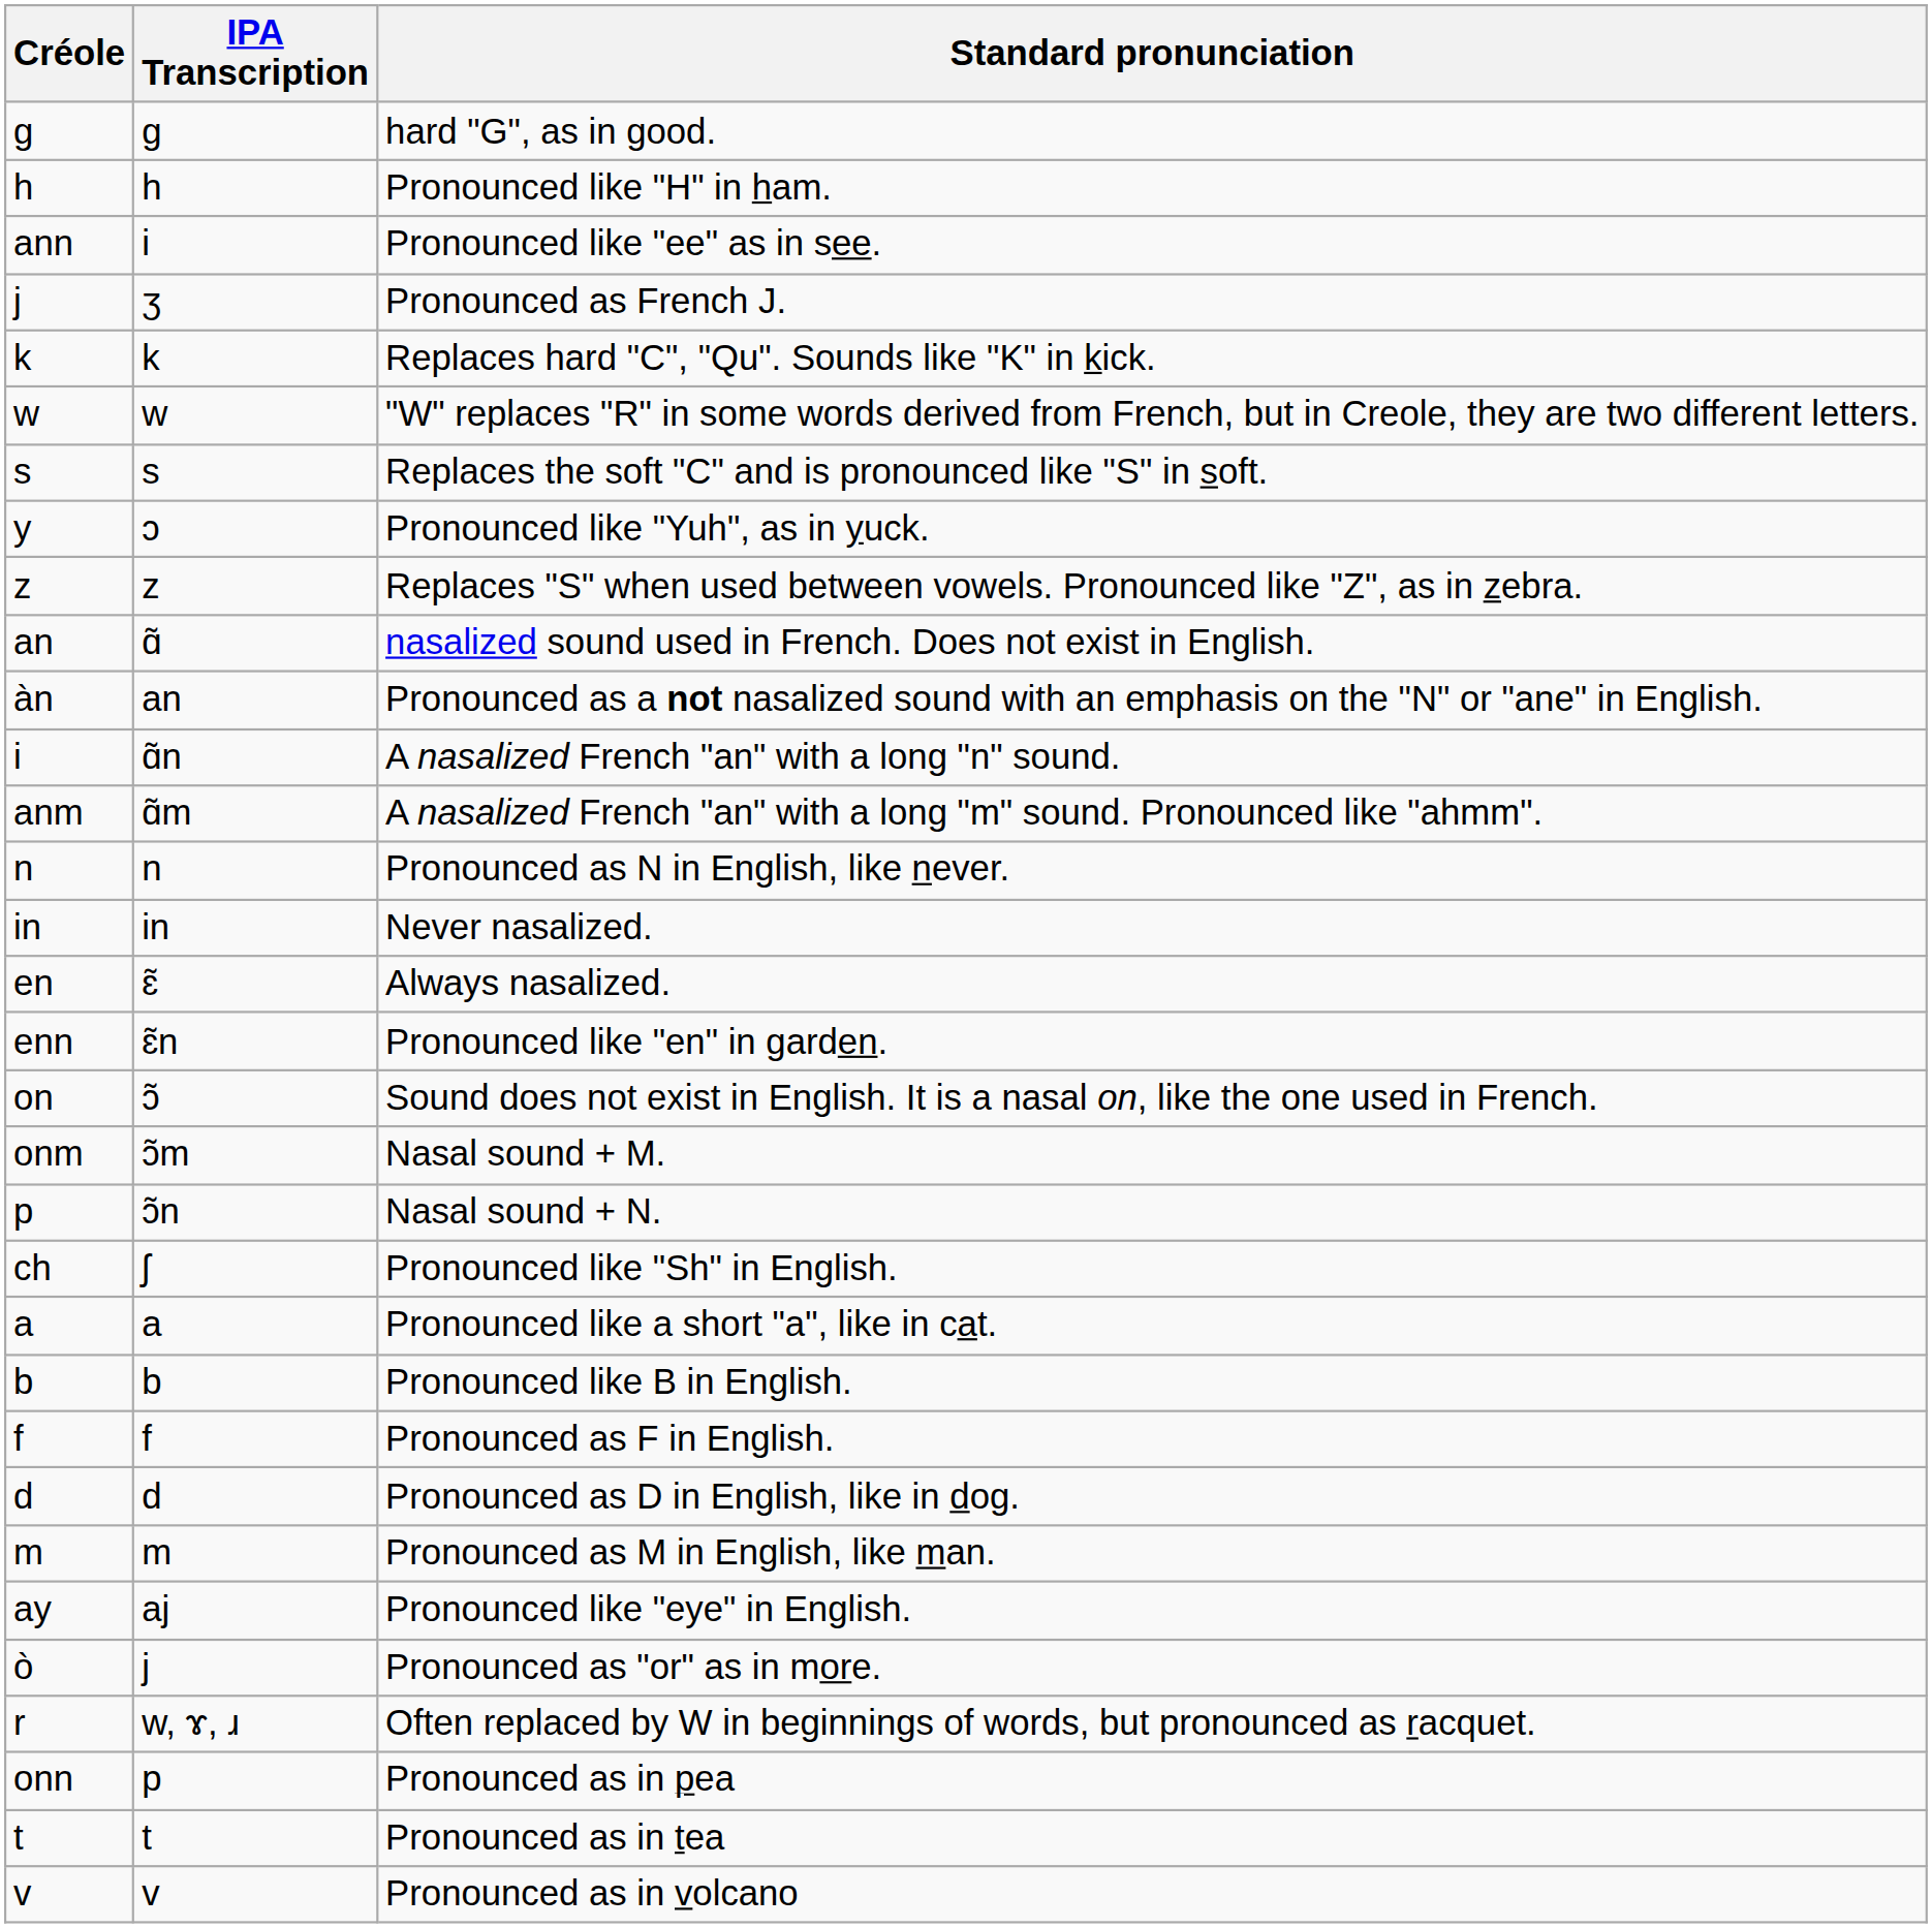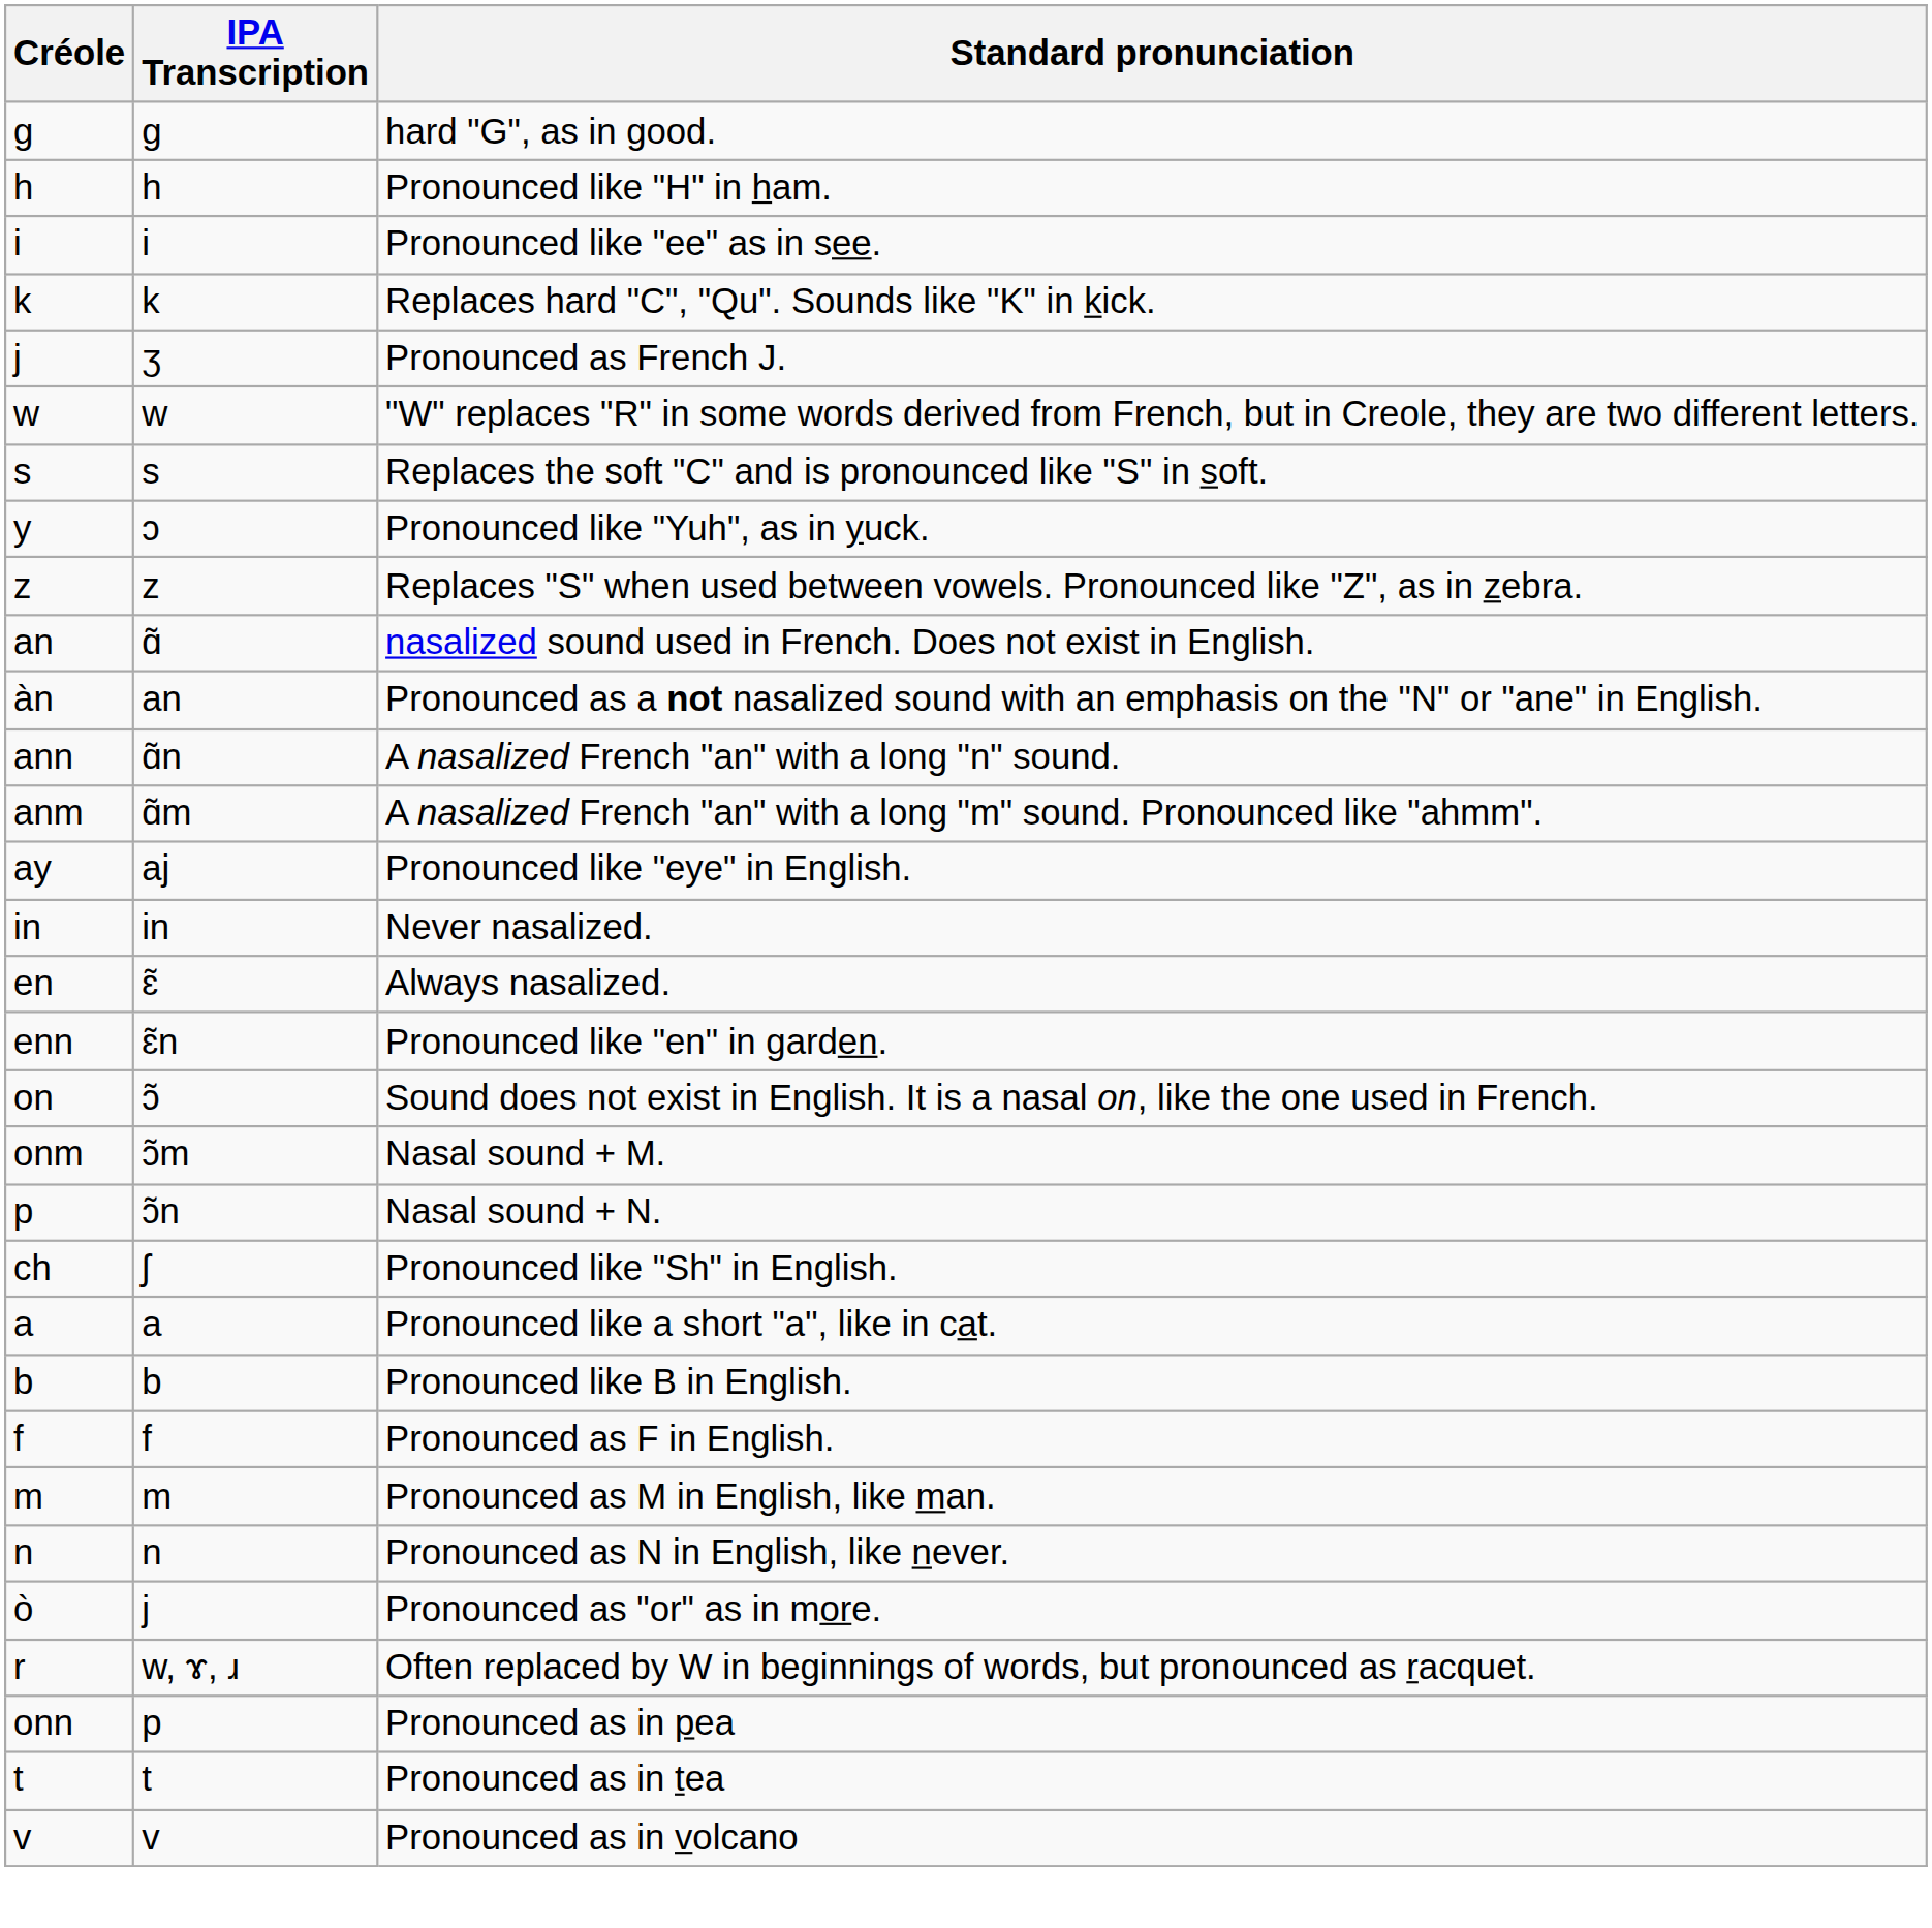 <table class="wikitable centre">
 <tr>
 <th>Créole</th>
 <th><a href='#'>IPA</a><br>Transcription <br></th>
 <th>Standard pronunciation</th>
 </tr>
 <tr>
 <td>g</td>
 <td>g</td>
 <td>hard "G", as in <u>g</u>ood.</td>
 </tr>
 <tr>
 <td>h</td>
 <td>h</td>
 <td>Pronounced like "H" in <u>h</u>am.</td>
 </tr>
 <tr>
-<td>ann</td>
+<td>i</td>
 <td>i</td>
 <td>Pronounced like "ee" as in s<u>ee</u>.</td>
+</tr>
+<tr>
+<td>k</td>
+<td>k</td>
+<td>Replaces hard "C", "Qu". Sounds like "K" in <u>k</u>ick.</td>
 </tr>
 <tr>
 <td>j</td>
 <td>ʒ</td>
 <td>Pronounced as French J.</td>
-</tr>
-<tr>
-<td>k</td>
-<td>k</td>
-<td>Replaces hard "C", "Qu". Sounds like "K" in <u>k</u>ick.</td>
 </tr>
 <tr>
 <td>w</td>
 <td>w</td>
 <td>"W" replaces "R" in some words derived from French, but in Creole, they are two different letters.</td>
 </tr>
 <tr>
 <td>s</td>
 <td>s</td>
 <td>Replaces the soft "C" and is pronounced like "S" in <u>s</u>oft.</td>
 </tr>
 <tr>
 <td>y</td>
 <td>ɔ</td>
 <td>Pronounced like "Yuh", as in <u>y</u>uck.</td>
 </tr>
 <tr>
 <td>z</td>
 <td>z</td>
 <td>Replaces "S" when used between vowels.  Pronounced like "Z", as in <u>z</u>ebra.</td>
 </tr>
 <tr>
 <td>an</td>
 <td>ɑ̃</td>
 <td><a href='#'>nasalized</a> sound used in French. Does not exist in English.</td>
 </tr>
 <tr>
 <td>àn</td>
 <td>an</td>
 <td>Pronounced as a <strong>not</strong> nasalized sound with an emphasis on the "N" or "ane" in English.</td>
 </tr>
 <tr>
-<td>i</td>
+<td>ann</td>
 <td>ɑ̃n</td>
 <td>A <em>nasalized</em> French "an" with a long "n" sound.</td>
 </tr>
 <tr>
 <td>anm</td>
 <td>ɑ̃m</td>
 <td>A <em>nasalized</em> French "an" with a long "m" sound. Pronounced like "ahmm".</td>
 </tr>
 <tr>
-<td>n</td>
-<td>n</td>
-<td>Pronounced as N in English, like <u>n</u>ever.</td>
+<td>ay</td>
+<td>aj</td>
+<td>Pronounced like "eye" in English.</td>
 </tr>
 <tr>
 <td>in</td>
 <td>in</td>
 <td>Never nasalized.</td>
 </tr>
 <tr>
 <td>en</td>
 <td>ɛ̃</td>
 <td>Always nasalized.</td>
 </tr>
 <tr>
 <td>enn</td>
 <td>ɛ̃n</td>
 <td>Pronounced like "en" in gard<u>en</u>.</td>
 </tr>
 <tr>
 <td>on</td>
 <td>ɔ̃</td>
 <td>Sound does not exist in English. It is a nasal <em>on</em>, like the one used in French.</td>
 </tr>
 <tr>
 <td>onm</td>
 <td>ɔ̃m</td>
 <td>Nasal sound + M.</td>
 </tr>
 <tr>
 <td>p</td>
 <td>ɔ̃n</td>
 <td>Nasal sound + N.</td>
 </tr>
 <tr>
 <td>ch</td>
 <td>ʃ</td>
 <td>Pronounced like "Sh" in English.</td>
 </tr>
 <tr>
 <td>a</td>
 <td>a</td>
 <td>Pronounced like a short "a", like in c<u>a</u>t.</td>
 </tr>
 <tr>
 <td>b</td>
 <td>b</td>
 <td>Pronounced like B in English.</td>
 </tr>
 <tr>
 <td>f</td>
 <td>f</td>
 <td>Pronounced as F in English.</td>
 </tr>
 <tr>
-<td>d</td>
-<td>d</td>
-<td>Pronounced as D in English, like in <u>d</u>og.</td>
-</tr>
-<tr>
 <td>m</td>
 <td>m</td>
 <td>Pronounced as M in English, like <u>m</u>an.</td>
 </tr>
 <tr>
-<td>ay</td>
-<td>aj</td>
-<td>Pronounced like "eye" in English.</td>
+<td>n</td>
+<td>n</td>
+<td>Pronounced as N in English, like <u>n</u>ever.</td>
 </tr>
 <tr>
 <td>ò</td>
 <td>j</td>
 <td>Pronounced as "or" as in m<u>or</u>e.</td>
 </tr>
 <tr>
 <td>r</td>
 <td>w, ɤ, ɹ</td>
 <td>Often replaced by W in beginnings of words, but pronounced as <u>r</u>acquet.</td>
 </tr>
 <tr>
 <td>onn</td>
 <td>p</td>
 <td>Pronounced as in <u>p</u>ea</td>
 </tr>
 <tr>
 <td>t</td>
 <td>t</td>
 <td>Pronounced as in <u>t</u>ea</td>
 </tr>
 <tr>
 <td>v</td>
 <td>v</td>
 <td>Pronounced as in <u>v</u>olcano</td>
 </tr>
 </table>
